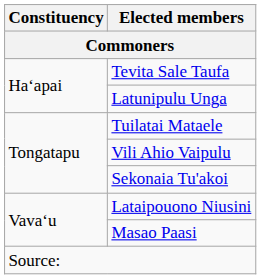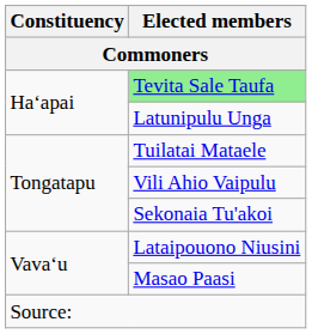 <table class=wikitable>
 <tr>
 <th>Constituency</th>
 <th>Elected members</th>
 </tr>
 <tr>
 <th colspan=3>Commoners</th>
 </tr>
 <tr>
 <td rowspan=2>Haʻapai</td>
-<td><a href='#'>Tevita Sale Taufa</a></td>
+<td style="background: lightgreen;"><a href='#'>Tevita Sale Taufa</a></td>
 </tr>
 <tr>
 <td><a href='#'>Latunipulu Unga</a></td>
 </tr>
 <tr>
 <td rowspan=3>Tongatapu</td>
 <td><a href='#'>Tuilatai Mataele</a></td>
 </tr>
 <tr>
 <td><a href='#'>Vili Ahio Vaipulu</a></td>
 </tr>
 <tr>
 <td><a href='#'>Sekonaia Tu'akoi</a></td>
 </tr>
 <tr>
 <td rowspan=2>Vavaʻu</td>
 <td><a href='#'>Lataipouono Niusini</a></td>
 </tr>
 <tr>
 <td><a href='#'>Masao Paasi</a></td>
 </tr>
 <tr>
 <td colspan=3>Source: </td>
 </tr>
 </table>
